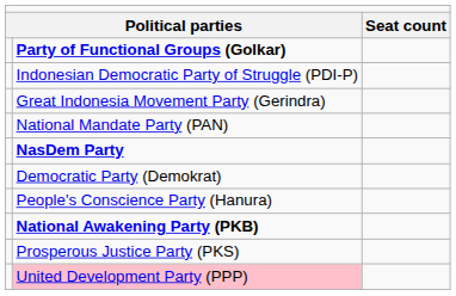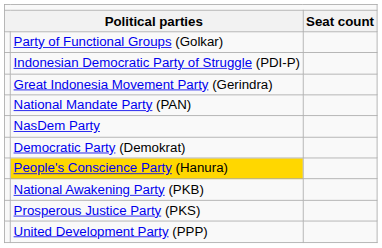 <table class="wikitable">
 <tr>
 <td colspan="4"></td>
 </tr>
 <tr>
 <th colspan="2">Political parties</th>
 <th>Seat count</th>
 </tr>
 <tr>
 <td bgcolor=></td>
-<td><strong><a href='#'>Party of Functional Groups</a> (Golkar)</strong></td>
+<td><a href='#'>Party of Functional Groups</a> (Golkar)</td>
 <td></td>
 </tr>
 <tr>
 <td bgcolor=></td>
 <td><a href='#'>Indonesian Democratic Party of Struggle</a> (PDI-P)</td>
 <td></td>
 </tr>
 <tr>
 <td bgcolor=></td>
 <td><a href='#'>Great Indonesia Movement Party</a> (Gerindra)</td>
 <td></td>
 </tr>
 <tr>
 <td bgcolor=></td>
 <td><a href='#'>National Mandate Party</a> (PAN)</td>
 <td></td>
 </tr>
 <tr>
 <td bgcolor=></td>
-<td><strong><a href='#'>NasDem Party</a></strong></td>
+<td><a href='#'>NasDem Party</a></td>
 <td></td>
 </tr>
 <tr>
 <td bgcolor=></td>
 <td><a href='#'>Democratic Party</a> (Demokrat)</td>
 <td></td>
 </tr>
 <tr>
 <td bgcolor=></td>
-<td><a href='#'>People's Conscience Party</a> (Hanura)</td>
+<td style="background: gold;"><a href='#'>People's Conscience Party</a> (Hanura)</td>
 <td></td>
 </tr>
 <tr>
 <td bgcolor=></td>
-<td><strong><a href='#'>National Awakening Party</a> (PKB)</strong></td>
+<td><a href='#'>National Awakening Party</a> (PKB)</td>
 <td></td>
 </tr>
 <tr>
 <td bgcolor=></td>
 <td><a href='#'>Prosperous Justice Party</a> (PKS)</td>
 <td></td>
 </tr>
 <tr>
 <td bgcolor=></td>
-<td style="background: pink;"><a href='#'>United Development Party</a> (PPP)</td>
+<td><a href='#'>United Development Party</a> (PPP)</td>
 <td></td>
 </tr>
 </table>
